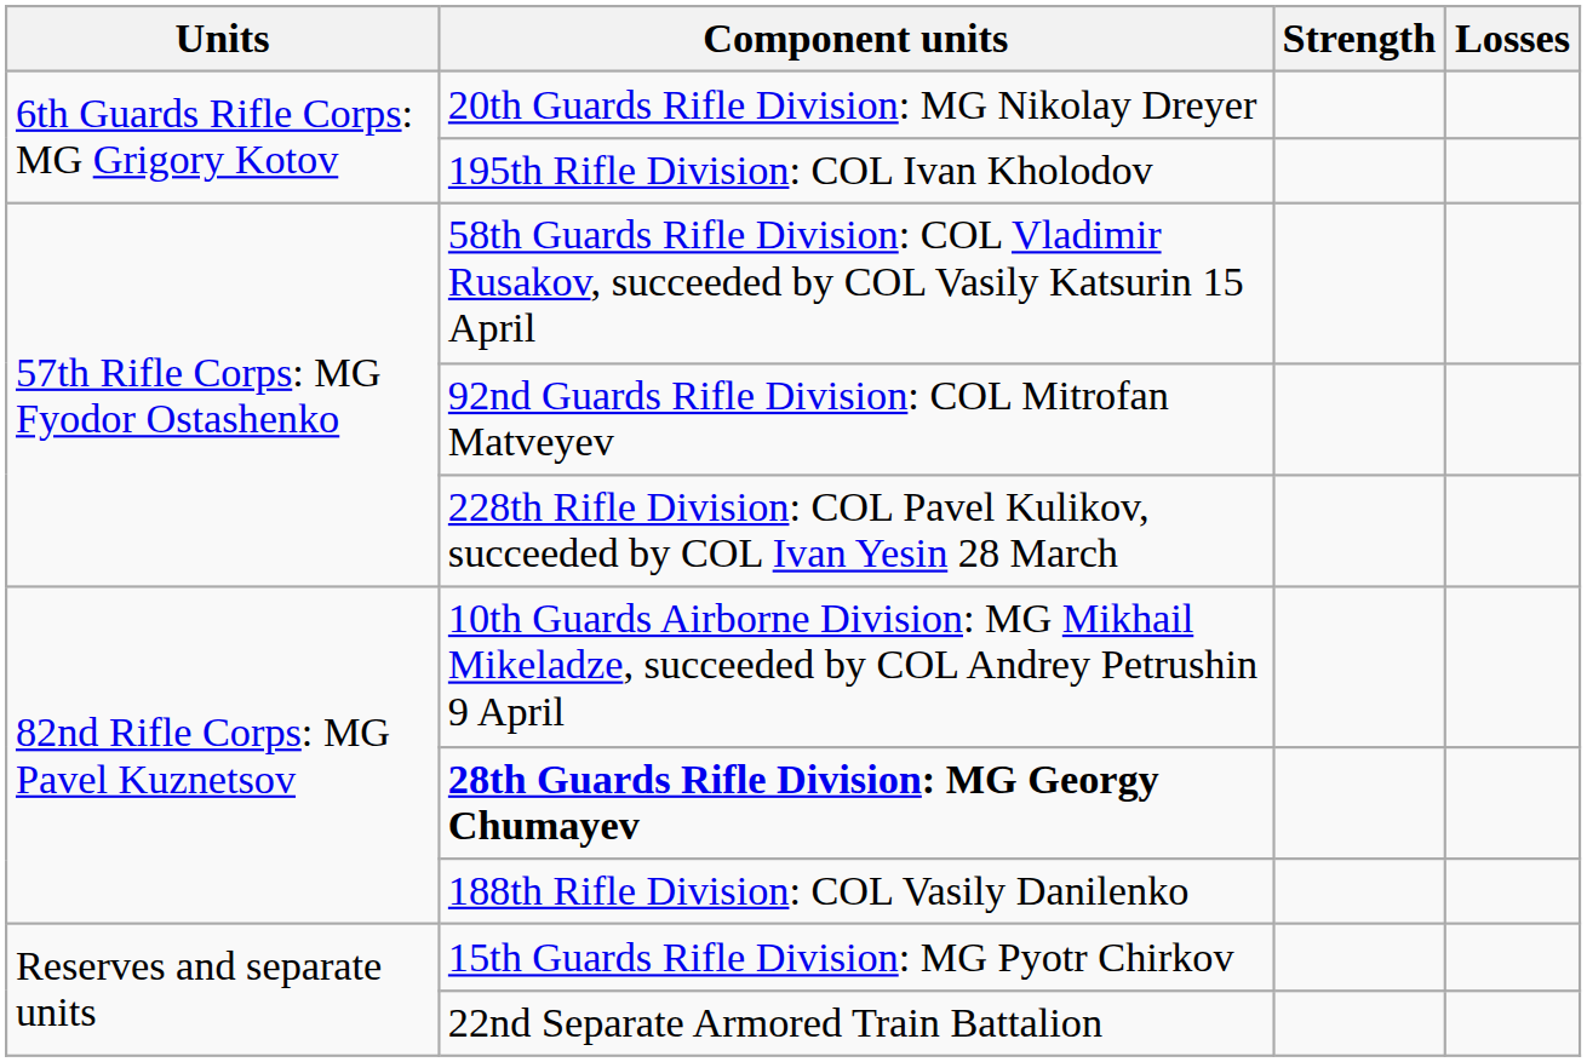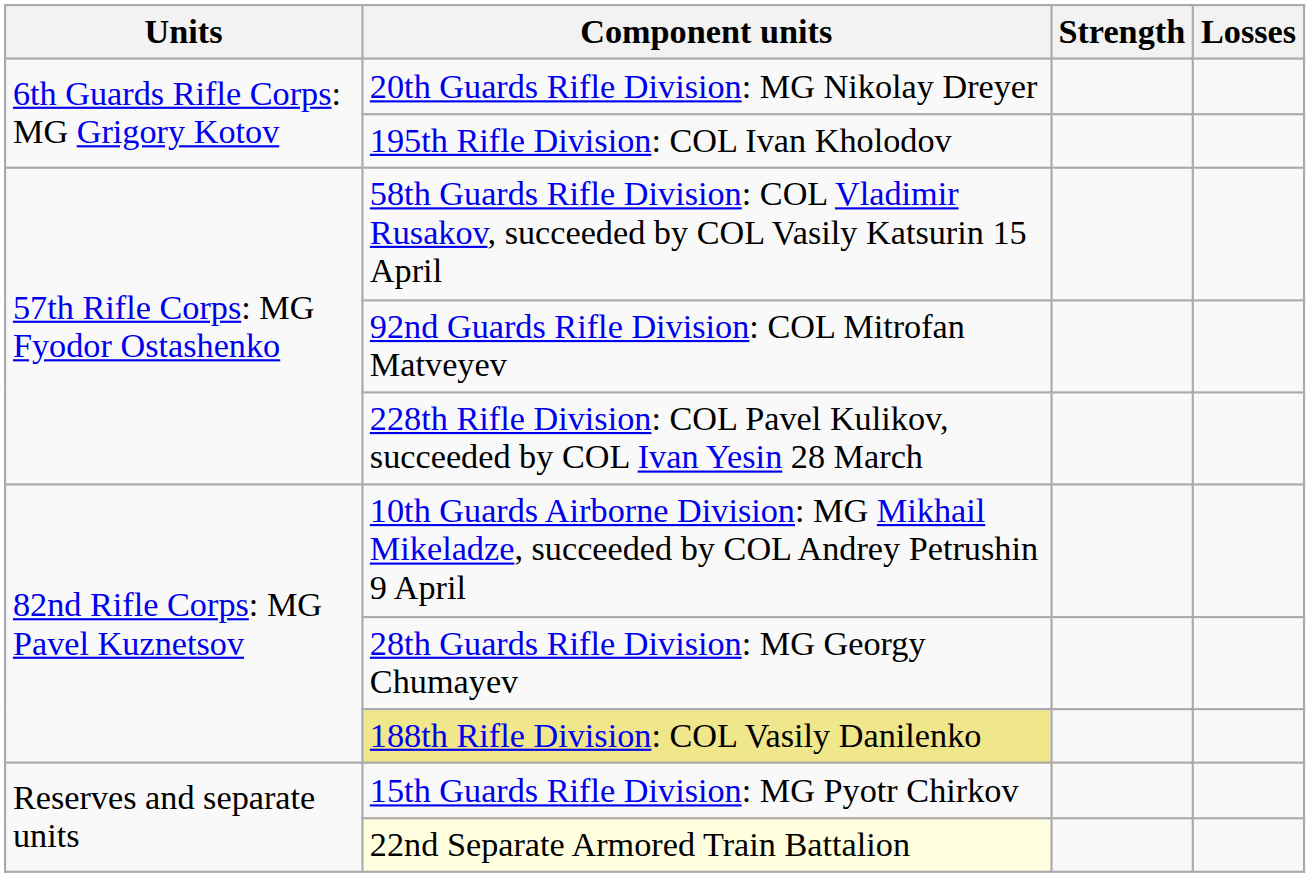 <table class="wikitable">
 <tr>
 <th>Units</th>
 <th>Component units</th>
 <th>Strength</th>
 <th>Losses</th>
 </tr>
 <tr>
 <td rowspan="2"><a href='#'>6th Guards Rifle Corps</a>: MG <a href='#'>Grigory Kotov</a></td>
 <td><a href='#'>20th Guards Rifle Division</a>: MG Nikolay Dreyer</td>
 <td></td>
 <td></td>
 </tr>
 <tr>
 <td><a href='#'>195th Rifle Division</a>: COL Ivan Kholodov</td>
 <td></td>
 <td></td>
 </tr>
 <tr>
 <td rowspan="3"><a href='#'>57th Rifle Corps</a>: MG <a href='#'>Fyodor Ostashenko</a></td>
 <td><a href='#'>58th Guards Rifle Division</a>: COL <a href='#'>Vladimir Rusakov</a>, succeeded by COL Vasily Katsurin 15 April</td>
 <td></td>
 <td></td>
 </tr>
 <tr>
 <td><a href='#'>92nd Guards Rifle Division</a>: COL Mitrofan Matveyev</td>
 <td></td>
 <td></td>
 </tr>
 <tr>
 <td><a href='#'>228th Rifle Division</a>: COL Pavel Kulikov, succeeded by COL <a href='#'>Ivan Yesin</a> 28 March</td>
 <td></td>
 <td></td>
 </tr>
 <tr>
 <td rowspan="3"><a href='#'>82nd Rifle Corps</a>: MG <a href='#'>Pavel Kuznetsov</a></td>
 <td><a href='#'>10th Guards Airborne Division</a>: MG <a href='#'>Mikhail Mikeladze</a>, succeeded by COL Andrey Petrushin 9 April</td>
 <td></td>
 <td></td>
 </tr>
 <tr>
-<td><strong><a href='#'>28th Guards Rifle Division</a>: MG Georgy Chumayev</strong></td>
+<td><a href='#'>28th Guards Rifle Division</a>: MG Georgy Chumayev</td>
 <td></td>
 <td></td>
 </tr>
 <tr>
-<td><a href='#'>188th Rifle Division</a>: COL Vasily Danilenko</td>
+<td style="background: khaki;"><a href='#'>188th Rifle Division</a>: COL Vasily Danilenko</td>
 <td></td>
 <td></td>
 </tr>
 <tr>
 <td rowspan="2">Reserves and separate units</td>
 <td><a href='#'>15th Guards Rifle Division</a>: MG Pyotr Chirkov</td>
 <td></td>
 <td></td>
 </tr>
 <tr>
-<td>22nd Separate Armored Train Battalion</td>
+<td style="background: lightyellow;">22nd Separate Armored Train Battalion</td>
 <td></td>
 <td></td>
 </tr>
 </table>
